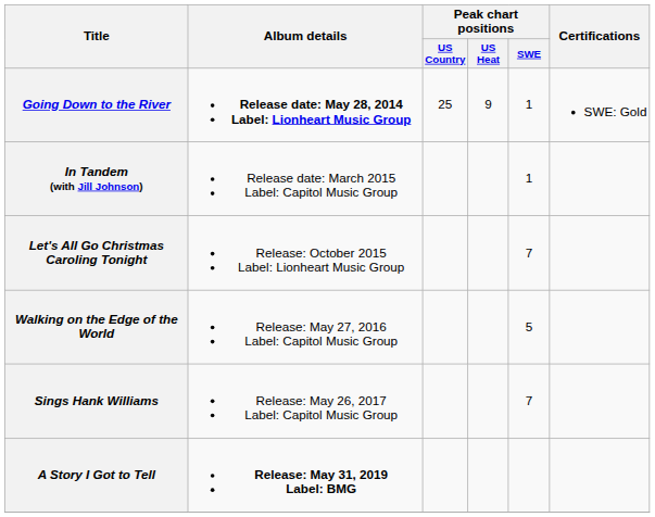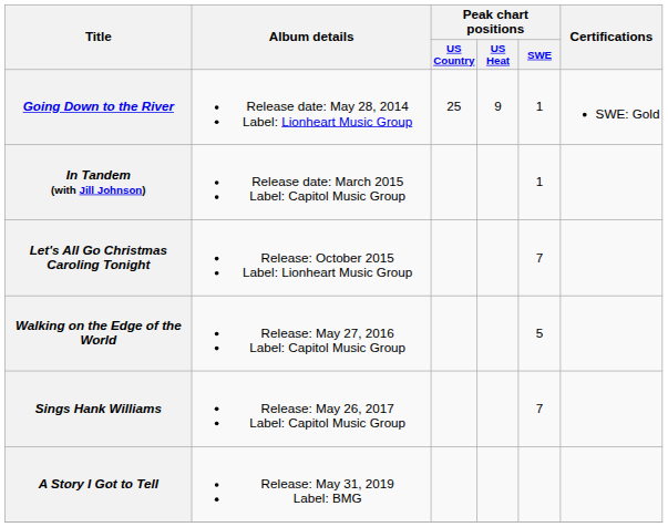 <table class="wikitable plainrowheaders" style="text-align:center;">
 <tr>
 <th rowspan="2" style="width:14em;">Title</th>
 <th rowspan="2" style="width:18em;">Album details</th>
 <th colspan="3">Peak chart positions</th>
 <th rowspan="2">Certifications</th>
 </tr>
 <tr style="font-size:smaller;">
 <th width="45"><a href='#'>US Country</a></th>
 <th width="45"><a href='#'>US Heat</a></th>
 <th width="45"><a href='#'>SWE</a><br></th>
 </tr>
 <tr>
 <th scope="row"><em><a href='#'>Going Down to the River</a></em></th>
-<td><strong><br><ul><li>Release date: May 28, 2014</li><li>Label: <a href='#'>Lionheart Music Group</a></li></ul></strong></td>
+<td><br><ul><li>Release date: May 28, 2014</li><li>Label: <a href='#'>Lionheart Music Group</a></li></ul></td>
 <td>25</td>
 <td>9</td>
 <td>1</td>
 <td><br><ul><li>SWE: Gold</li></ul></td>
 </tr>
 <tr>
 <th scope="row"><em>In Tandem</em> <br><small>(with <a href='#'>Jill Johnson</a>)</small></th>
 <td><br><ul><li>Release date: March 2015</li><li>Label: Capitol Music Group</li></ul></td>
 <td></td>
 <td></td>
 <td>1</td>
 <td></td>
 </tr>
 <tr>
 <th scope="row"><em>Let's All Go Christmas Caroling Tonight</em></th>
 <td><br><ul><li>Release: October 2015</li><li>Label: Lionheart Music Group</li></ul></td>
 <td></td>
 <td></td>
 <td>7</td>
 <td></td>
 </tr>
 <tr>
 <th scope="row"><em>Walking on the Edge of the World</em></th>
 <td><br><ul><li>Release: May 27, 2016</li><li>Label: Capitol Music Group</li></ul></td>
 <td></td>
 <td></td>
 <td>5</td>
 <td></td>
 </tr>
 <tr>
 <th scope="row"><em>Sings Hank Williams</em></th>
 <td><br><ul><li>Release: May 26, 2017</li><li>Label: Capitol Music Group</li></ul></td>
 <td></td>
 <td></td>
 <td>7<br></td>
 <td></td>
 </tr>
 <tr>
 <th scope="row"><em>A Story I Got to Tell</em></th>
-<td><strong><br><ul><li>Release: May 31, 2019</li><li>Label: BMG</li></ul></strong></td>
+<td><br><ul><li>Release: May 31, 2019</li><li>Label: BMG</li></ul></td>
 <td></td>
 <td></td>
 <td></td>
 <td></td>
 </tr>
 <tr>
 </tr>
 </table>
